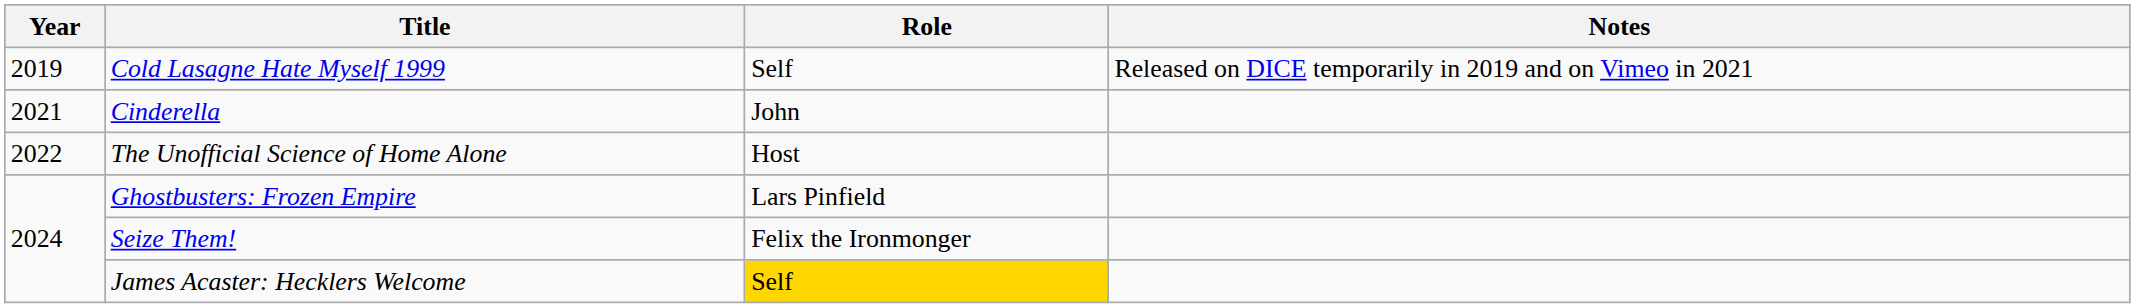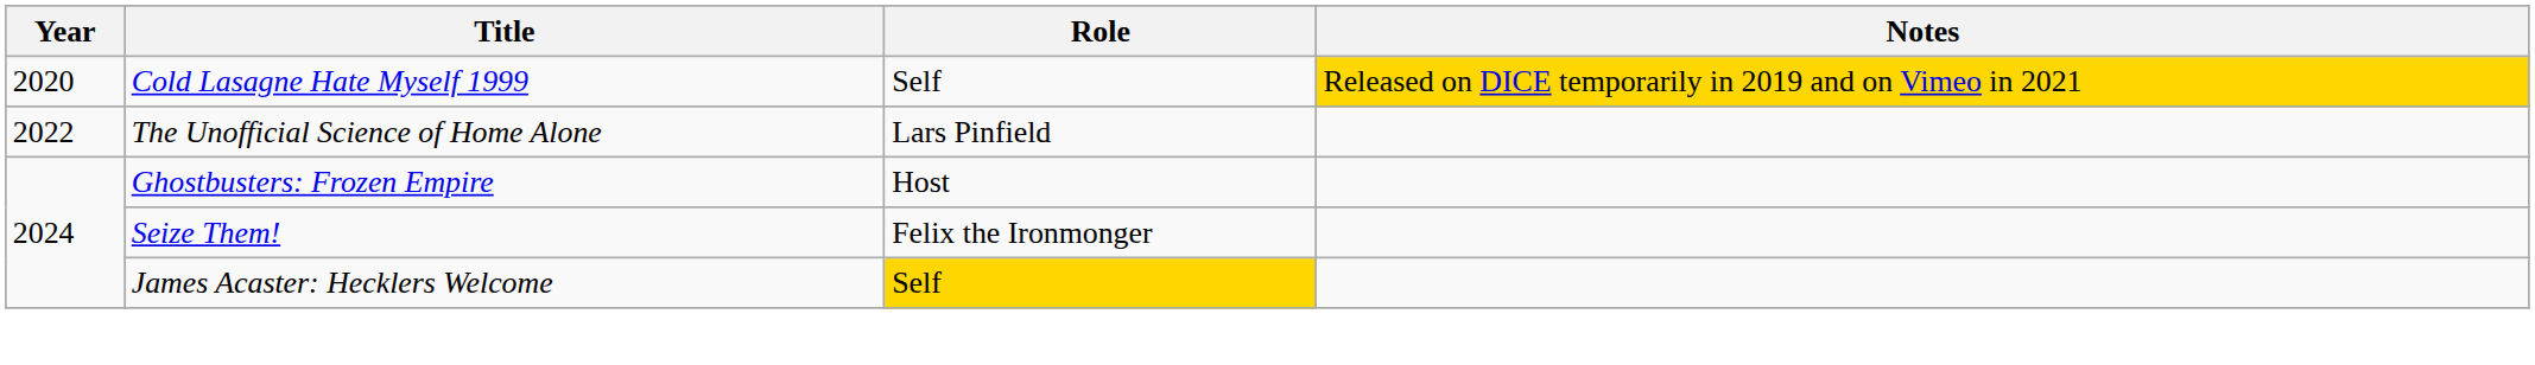 <table class="wikitable sortable" style="font-size:95%; width:99%; summary:Acaster has appeared on television, radio, film, podcasts and web series from 2013 to present.">
 <tr>
 <th scope="col">Year</th>
 <th scope="col">Title</th>
 <th scope="col">Role</th>
 <th scope="col">Notes</th>
 </tr>
 <tr>
-<td>2019</td>
+<td>2020</td>
 <td><em><a href='#'>Cold Lasagne Hate Myself 1999</a></em></td>
 <td>Self</td>
-<td>Released on <a href='#'>DICE</a> temporarily in 2019 and on <a href='#'>Vimeo</a> in 2021</td>
-</tr>
-<tr>
-<td>2021</td>
-<td><em><a href='#'>Cinderella</a></em></td>
-<td>John</td>
-<td></td>
+<td style="background: gold;">Released on <a href='#'>DICE</a> temporarily in 2019 and on <a href='#'>Vimeo</a> in 2021</td>
 </tr>
 <tr>
 <td>2022</td>
 <td><em>The Unofficial Science of Home Alone</em></td>
-<td>Host</td>
+<td>Lars Pinfield</td>
 <td></td>
 </tr>
 <tr>
 <td rowspan="3">2024</td>
 <td><em><a href='#'>Ghostbusters: Frozen Empire</a></em></td>
-<td>Lars Pinfield</td>
+<td>Host</td>
 <td></td>
 </tr>
 <tr>
 <td><em><a href='#'>Seize Them!</a></em></td>
 <td>Felix the Ironmonger</td>
 <td></td>
 </tr>
 <tr>
 <td><em>James Acaster: Hecklers Welcome</em></td>
 <td style="background: gold;">Self</td>
 <td></td>
 </tr>
 </table>
